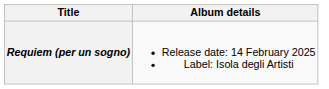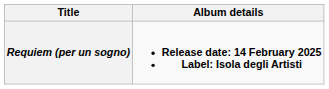 <table class="wikitable plainrowheaders" style="text-align:center;">
 <tr>
 <th scope="col" rowspan="1">Title</th>
 <th scope="col" rowspan="1">Album details</th>
 </tr>
 <tr>
 <th scope="row"><em>Requiem (per un sogno)</em></th>
-<td><br><ul><li>Release date: 14 February 2025</li><li>Label: Isola degli Artisti</li></ul></td>
+<td><strong><br><ul><li>Release date: 14 February 2025</li><li>Label: Isola degli Artisti</li></ul></strong></td>
 </tr>
 </table>
